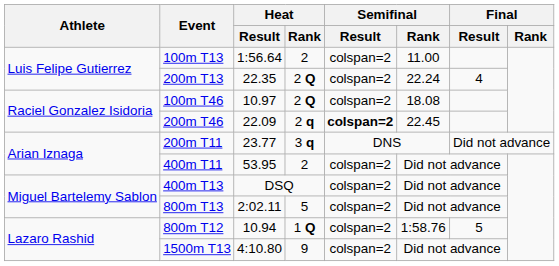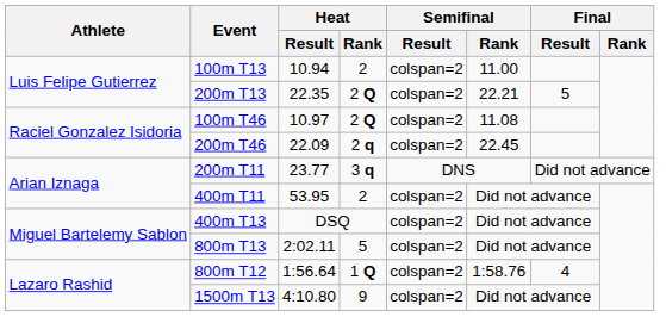 <table class="wikitable">
 <tr>
 <th rowspan="2">Athlete</th>
 <th rowspan="2">Event</th>
 <th colspan="2">Heat</th>
 <th colspan="2">Semifinal</th>
 <th colspan="2">Final</th>
 </tr>
 <tr>
 <th>Result</th>
 <th>Rank</th>
 <th>Result</th>
 <th>Rank</th>
 <th>Result</th>
 <th>Rank</th>
 </tr>
 <tr align=center>
 <td align=left rowspan=2><a href='#'>Luis Felipe Gutierrez</a></td>
 <td align=left><a href='#'>100m T13</a></td>
-<td>1:56.64</td>
+<td>10.94</td>
 <td>2</td>
 <td>colspan=2 </td>
 <td>11.00</td>
 <td></td>
 </tr>
 <tr align=center>
 <td align=left><a href='#'>200m T13</a></td>
 <td>22.35</td>
 <td>2 <strong>Q</strong></td>
 <td>colspan=2 </td>
-<td>22.24</td>
-<td>4</td>
+<td>22.21</td>
+<td>5</td>
 </tr>
 <tr align=center>
 <td align=left rowspan=2><a href='#'>Raciel Gonzalez Isidoria</a></td>
 <td align=left><a href='#'>100m T46</a></td>
 <td>10.97</td>
 <td>2 <strong>Q</strong></td>
 <td>colspan=2 </td>
-<td>18.08</td>
+<td>11.08</td>
 <td></td>
 </tr>
 <tr align=center>
 <td align=left><a href='#'>200m T46</a></td>
 <td>22.09</td>
 <td>2 <strong>q</strong></td>
-<td><strong>colspan=2 </strong></td>
+<td>colspan=2 </td>
 <td>22.45</td>
 <td></td>
 </tr>
 <tr align=center>
 <td align=left rowspan=2><a href='#'>Arian Iznaga</a></td>
 <td align=left><a href='#'>200m T11</a></td>
 <td>23.77</td>
 <td>3 <strong>q</strong></td>
 <td colspan=2>DNS</td>
 <td colspan=2>Did not advance</td>
 </tr>
 <tr align=center>
 <td align=left><a href='#'>400m T11</a></td>
 <td>53.95</td>
 <td>2</td>
 <td>colspan=2 </td>
 <td colspan=2>Did not advance</td>
 </tr>
 <tr align=center>
 <td align=left rowspan=2><a href='#'>Miguel Bartelemy Sablon</a></td>
 <td align=left><a href='#'>400m T13</a></td>
 <td colspan=2>DSQ</td>
 <td>colspan=2 </td>
 <td colspan=2>Did not advance</td>
 </tr>
 <tr align=center>
 <td align=left><a href='#'>800m T13</a></td>
 <td>2:02.11</td>
 <td>5</td>
 <td>colspan=2 </td>
 <td colspan=2>Did not advance</td>
 </tr>
 <tr align=center>
 <td align=left rowspan=2><a href='#'>Lazaro Rashid</a></td>
 <td align=left><a href='#'>800m T12</a></td>
-<td>10.94</td>
+<td>1:56.64</td>
 <td>1 <strong>Q</strong></td>
 <td>colspan=2 </td>
 <td>1:58.76</td>
-<td>5</td>
+<td>4</td>
 </tr>
 <tr align=center>
 <td align=left><a href='#'>1500m T13</a></td>
 <td>4:10.80</td>
 <td>9</td>
 <td>colspan=2 </td>
 <td colspan=2>Did not advance</td>
 </tr>
 </table>
